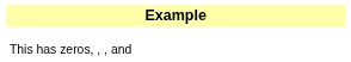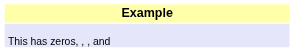 <table class="toccolours floatright" style="width:35%; margin: 0.5em 0 0.5em 1em;">
 <tr>
 <th style="background:#ffffaa; padding: 3px 5px 3px 5px; font-size:larger;">Example</th>
 </tr>
 <tr>
-<td style="font-size:100%; padding:0 5px 0 5px;"><br> This has zeros, , , and </td>
+<td style="background: lavender; font-size:100%; padding:0 5px 0 5px;"><br> This has zeros, , , and </td>
 </tr>
 </table>
